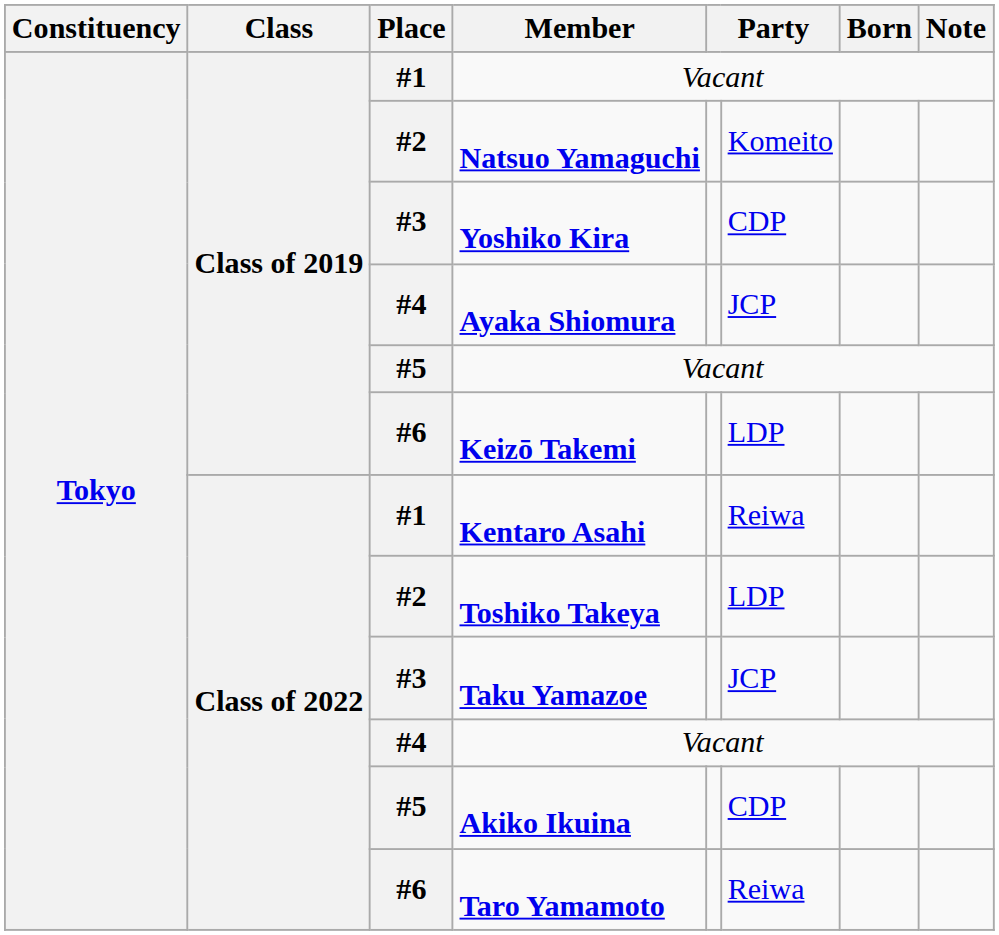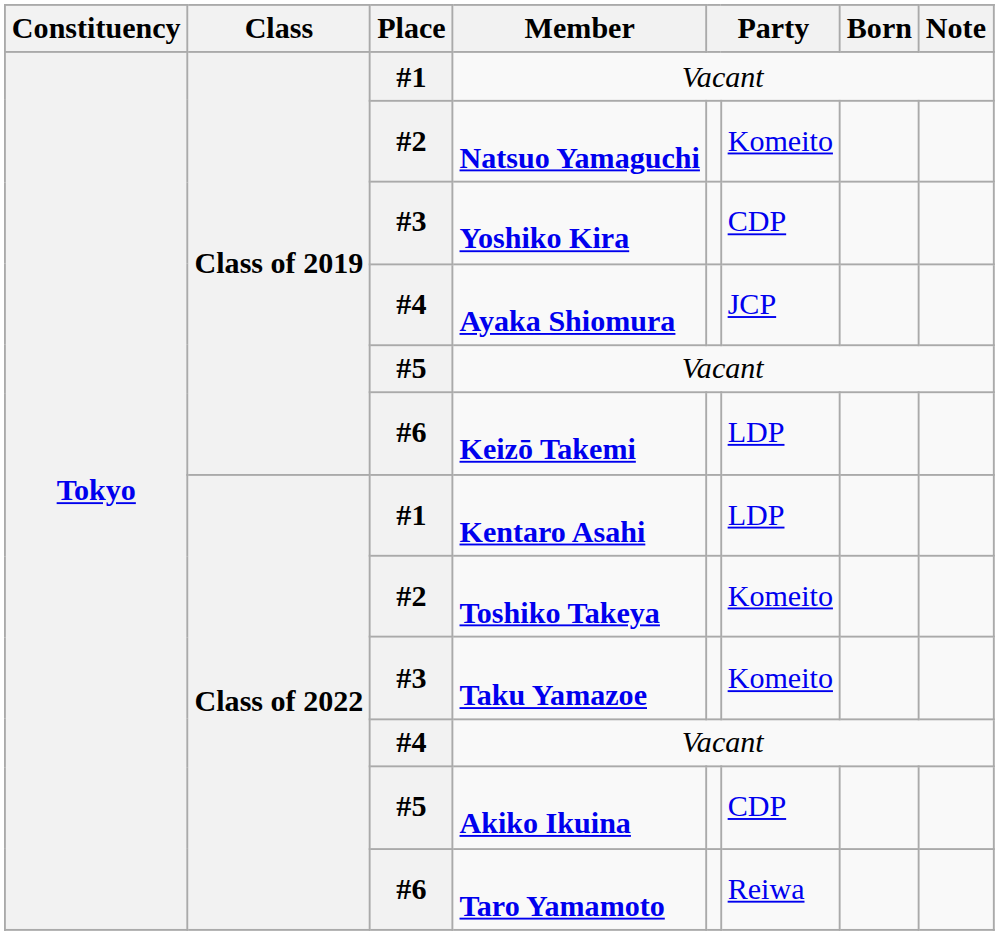 <table class="wikitable sortable plainrowheaders" id="votingmembers">
 <tr style="vertical-align:bottom">
 <th>Constituency</th>
 <th>Class</th>
 <th>Place</th>
 <th>Member</th>
 <th colspan=2>Party</th>
 <th>Born</th>
 <th>Note</th>
 </tr>
 <tr>
 <th rowspan=12><a href='#'>Tokyo</a></th>
 <th rowspan=6>Class of 2019</th>
 <th>#1</th>
 <td colspan=5 style="text-align:center;"><em>Vacant</em></td>
 </tr>
 <tr>
 <th>#2</th>
 <td><br><strong><a href='#'>Natsuo Yamaguchi</a></strong></td>
 <td style="background-color:"></td>
 <td><a href='#'>Komeito</a></td>
 <td></td>
 <td></td>
 </tr>
 <tr>
 <th>#3</th>
 <td><br><strong><a href='#'>Yoshiko Kira</a></strong></td>
 <td style="background-color:"></td>
 <td><a href='#'>CDP</a></td>
 <td></td>
 <td></td>
 </tr>
 <tr>
 <th>#4</th>
 <td><br><strong><a href='#'>Ayaka Shiomura</a></strong></td>
 <td style="background-color:"></td>
 <td><a href='#'>JCP</a></td>
 <td></td>
 <td></td>
 </tr>
 <tr>
 <th>#5</th>
 <td colspan=5 style="text-align:center;"><em>Vacant</em></td>
 </tr>
 <tr>
 <th>#6</th>
 <td><br><strong><a href='#'>Keizō Takemi</a></strong></td>
 <td style="background-color:"></td>
 <td><a href='#'>LDP</a></td>
 <td></td>
 <td></td>
 </tr>
 <tr>
 <th rowspan=6>Class of 2022</th>
 <th>#1</th>
 <td><br><strong><a href='#'>Kentaro Asahi</a></strong></td>
 <td style="background-color:"></td>
-<td><a href='#'>Reiwa</a></td>
+<td><a href='#'>LDP</a></td>
 <td></td>
 <td></td>
 </tr>
 <tr>
 <th>#2</th>
 <td><br><strong><a href='#'>Toshiko Takeya</a></strong></td>
 <td style="background-color:"></td>
-<td><a href='#'>LDP</a></td>
+<td><a href='#'>Komeito</a></td>
 <td></td>
 <td></td>
 </tr>
 <tr>
 <th>#3</th>
 <td><br><strong><a href='#'>Taku Yamazoe</a></strong></td>
 <td style="background-color:"></td>
-<td><a href='#'>JCP</a></td>
+<td><a href='#'>Komeito</a></td>
 <td></td>
 <td></td>
 </tr>
 <tr>
 <th>#4</th>
 <td colspan=5 style="text-align:center;"><em>Vacant</em></td>
 </tr>
 <tr>
 <th>#5</th>
 <td><br><strong><a href='#'>Akiko Ikuina</a></strong></td>
 <td style="background-color:"></td>
 <td><a href='#'>CDP</a></td>
 <td></td>
 <td></td>
 </tr>
 <tr>
 <th>#6</th>
 <td><br><strong><a href='#'>Taro Yamamoto</a></strong></td>
 <td style="background-color:"></td>
 <td><a href='#'>Reiwa</a></td>
 <td></td>
 <td></td>
 </tr>
 </table>
